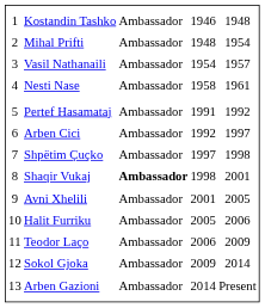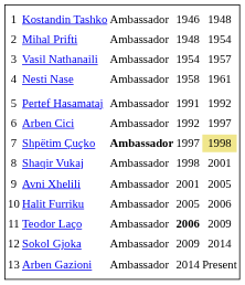 <table cellpadding="0" cellspacing="3" style="border:1px solid #000000; font-size:88%; line-height: 1.5em;">
 <tr>
 <td><strong></strong></td>
 <td><strong></strong></td>
 <td><strong></strong></td>
 <td colspan="2"></td>
 </tr>
 <tr>
 <td align=center>1</td>
 <td><a href='#'>Kostandin Tashko</a></td>
 <td>Ambassador</td>
 <td align=center>1946</td>
 <td align=center>1948</td>
 </tr>
 <tr>
 <td align=center>2</td>
 <td><a href='#'>Mihal Prifti</a></td>
 <td>Ambassador</td>
 <td align=center>1948</td>
 <td align=center>1954</td>
 </tr>
 <tr>
 <td align=center>3</td>
 <td><a href='#'>Vasil Nathanaili</a></td>
 <td>Ambassador</td>
 <td align=center>1954</td>
 <td align=center>1957</td>
 </tr>
 <tr>
 <td align=center>4</td>
 <td><a href='#'>Nesti Nase</a></td>
 <td>Ambassador</td>
 <td align=center>1958</td>
 <td align=center>1961</td>
 </tr>
 <tr>
 <td colspan="8" align=center></td>
 </tr>
 <tr>
 <td align=center>5</td>
 <td><a href='#'>Pertef Hasamataj</a></td>
 <td>Ambassador</td>
 <td align=center>1991</td>
 <td align=center>1992</td>
 </tr>
 <tr>
 <td align=center>6</td>
 <td><a href='#'>Arben Cici</a></td>
 <td>Ambassador</td>
 <td align=center>1992</td>
 <td align=center>1997</td>
 </tr>
 <tr>
 <td align=center>7</td>
 <td><a href='#'>Shpëtim Çuçko</a></td>
-<td>Ambassador</td>
+<td><strong>Ambassador</strong></td>
 <td align=center>1997</td>
-<td align=center>1998</td>
+<td align=center style="background: khaki;">1998</td>
 </tr>
 <tr>
 <td align=center>8</td>
 <td><a href='#'>Shaqir Vukaj</a></td>
-<td><strong>Ambassador</strong></td>
+<td>Ambassador</td>
 <td align=center>1998</td>
 <td align=center>2001</td>
 </tr>
 <tr>
 <td align=center>9</td>
 <td><a href='#'>Avni Xhelili</a></td>
 <td>Ambassador</td>
 <td align=center>2001</td>
 <td align=center>2005</td>
 </tr>
 <tr>
 <td align=center>10</td>
 <td><a href='#'>Halit Furriku</a></td>
 <td>Ambassador</td>
 <td align=center>2005</td>
 <td align=center>2006</td>
 </tr>
 <tr>
 <td align=center>11</td>
 <td><a href='#'>Teodor Laço</a></td>
 <td>Ambassador</td>
-<td align=center>2006</td>
+<td align=center><strong>2006</strong></td>
 <td align=center>2009</td>
 </tr>
 <tr>
 <td align=center>12</td>
 <td><a href='#'>Sokol Gjoka</a></td>
 <td>Ambassador</td>
 <td align=center>2009</td>
 <td align=center>2014</td>
 </tr>
 <tr>
 <td align=center>13</td>
 <td><a href='#'>Arben Gazioni</a></td>
 <td>Ambassador</td>
 <td align=center>2014</td>
 <td align=center>Present</td>
 </tr>
 <tr>
 </tr>
 </table>
